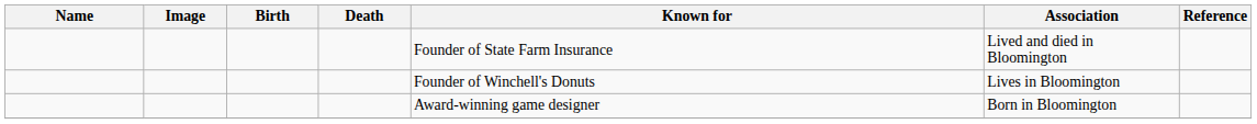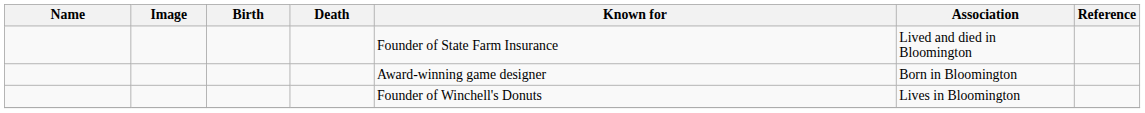 <table class="wikitable sortable">
 <tr>
 <th scope="col" width="140">Name</th>
 <th scope="col" width="80" class="unsortable">Image</th>
 <th scope="col" width="90">Birth</th>
 <th scope="col" width="90">Death</th>
 <th scope="col" width="600" class="unsortable">Known for</th>
 <th scope="col" width="200" class="unsortable">Association</th>
 <th scope="col" width="30" class="unsortable">Reference</th>
 </tr>
 <tr>
 <td></td>
 <td></td>
 <td align=right></td>
 <td align=right></td>
 <td>Founder of State Farm Insurance</td>
 <td>Lived and died in Bloomington</td>
 <td align="center"></td>
 </tr>
 <tr>
 <td></td>
 <td></td>
 <td align=right></td>
 <td></td>
-<td>Founder of Winchell's Donuts</td>
-<td>Lives in Bloomington</td>
+<td>Award-winning game designer</td>
+<td>Born in Bloomington</td>
 <td align="center"></td>
 </tr>
 <tr>
 <td></td>
 <td></td>
 <td align=right></td>
 <td align=right></td>
-<td>Award-winning game designer</td>
-<td>Born in Bloomington</td>
+<td>Founder of Winchell's Donuts</td>
+<td>Lives in Bloomington</td>
 <td align="center"></td>
 </tr>
 <tr>
 </tr>
 </table>
